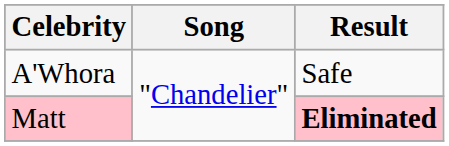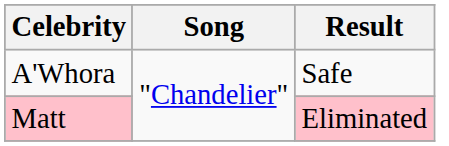 <table class="wikitable sortable collapsed">
 <tr>
 <th>Celebrity</th>
 <th>Song</th>
 <th>Result</th>
 </tr>
 <tr>
 <td>A'Whora</td>
 <td rowspan=2>"<a href='#'>Chandelier</a>"</td>
 <td>Safe</td>
 </tr>
 <tr>
 <td style="background:pink;">Matt</td>
-<td style="background:pink;"><strong>Eliminated</strong></td>
+<td style="background:pink;">Eliminated</td>
 </tr>
 </table>
